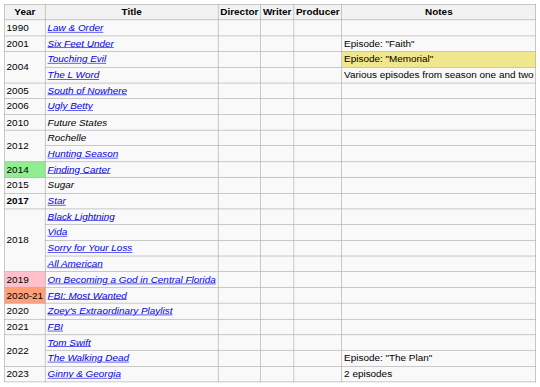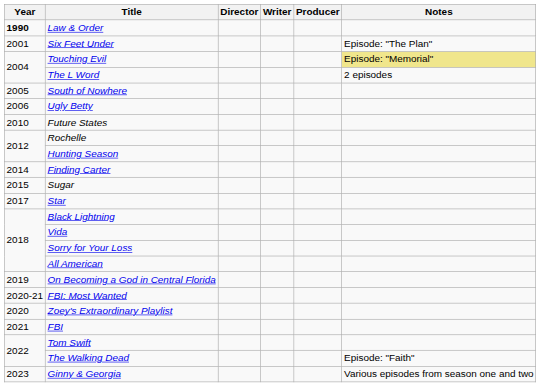 <table class="wikitable">
 <tr>
 <th>Year</th>
 <th>Title</th>
 <th>Director</th>
 <th>Writer</th>
 <th>Producer</th>
 <th>Notes</th>
 </tr>
 <tr>
-<td>1990</td>
+<td><strong>1990</strong></td>
 <td><em><a href='#'>Law & Order</a></em></td>
 <td></td>
 <td></td>
 <td></td>
 <td></td>
 </tr>
 <tr>
 <td>2001</td>
 <td><em><a href='#'>Six Feet Under</a></em></td>
 <td></td>
 <td></td>
 <td></td>
-<td>Episode: "Faith"</td>
+<td>Episode: "The Plan"</td>
 </tr>
 <tr>
 <td rowspan=2>2004</td>
 <td><em><a href='#'>Touching Evil</a></em></td>
 <td></td>
 <td></td>
 <td></td>
 <td style="background: khaki;">Episode: "Memorial"</td>
 </tr>
 <tr>
 <td><em><a href='#'>The L Word</a></em></td>
 <td></td>
 <td></td>
 <td></td>
-<td>Various episodes from season one and two</td>
+<td>2 episodes</td>
 </tr>
 <tr>
 <td>2005</td>
 <td><em><a href='#'>South of Nowhere</a></em></td>
 <td></td>
 <td></td>
 <td></td>
 <td></td>
 </tr>
 <tr>
 <td>2006</td>
 <td><em><a href='#'>Ugly Betty</a></em></td>
 <td></td>
 <td></td>
 <td></td>
 <td></td>
 </tr>
 <tr>
 <td>2010</td>
 <td><em>Future States</em></td>
 <td></td>
 <td></td>
 <td></td>
 <td></td>
 </tr>
 <tr>
 <td rowspan=2>2012</td>
 <td><em>Rochelle</em></td>
 <td></td>
 <td></td>
 <td></td>
 <td></td>
 </tr>
 <tr>
 <td><em><a href='#'>Hunting Season</a></em></td>
 <td></td>
 <td></td>
 <td></td>
 <td></td>
 </tr>
 <tr>
-<td style="background: lightgreen;">2014</td>
+<td>2014</td>
 <td><em><a href='#'>Finding Carter</a></em></td>
 <td></td>
 <td></td>
 <td></td>
 <td></td>
 </tr>
 <tr>
 <td>2015</td>
 <td><em>Sugar</em></td>
 <td></td>
 <td></td>
 <td></td>
 <td></td>
 </tr>
 <tr>
-<td><strong>2017</strong></td>
+<td>2017</td>
 <td><em><a href='#'>Star</a></em></td>
 <td></td>
 <td></td>
 <td></td>
 <td></td>
 </tr>
 <tr>
 <td rowspan="4">2018</td>
 <td><em><a href='#'>Black Lightning</a></em></td>
 <td></td>
 <td></td>
 <td></td>
 <td></td>
 </tr>
 <tr>
 <td><em><a href='#'>Vida</a></em></td>
 <td></td>
 <td></td>
 <td></td>
 <td></td>
 </tr>
 <tr>
 <td><em><a href='#'>Sorry for Your Loss</a></em></td>
 <td></td>
 <td></td>
 <td></td>
 <td></td>
 </tr>
 <tr>
 <td><em><a href='#'>All American</a></em></td>
 <td></td>
 <td></td>
 <td></td>
 <td></td>
 </tr>
 <tr>
-<td style="background: pink;">2019</td>
+<td>2019</td>
 <td><em><a href='#'>On Becoming a God in Central Florida</a></em></td>
 <td></td>
 <td></td>
 <td></td>
 <td></td>
 </tr>
 <tr>
-<td style="background: lightsalmon;">2020-21</td>
+<td>2020-21</td>
 <td><em><a href='#'>FBI: Most Wanted</a></em></td>
 <td></td>
 <td></td>
 <td></td>
 <td></td>
 </tr>
 <tr>
 <td>2020</td>
 <td><em><a href='#'>Zoey's Extraordinary Playlist</a></em></td>
 <td></td>
 <td></td>
 <td></td>
 <td></td>
 </tr>
 <tr>
 <td>2021</td>
 <td><em><a href='#'>FBI</a></em></td>
 <td></td>
 <td></td>
 <td></td>
 <td></td>
 </tr>
 <tr>
 <td rowspan="2">2022</td>
 <td><em><a href='#'>Tom Swift</a></em></td>
 <td></td>
 <td></td>
 <td></td>
 <td></td>
 </tr>
 <tr>
 <td><em><a href='#'>The Walking Dead</a></em></td>
 <td></td>
 <td></td>
 <td></td>
-<td>Episode: "The Plan"</td>
+<td>Episode: "Faith"</td>
 </tr>
 <tr>
 <td>2023</td>
 <td><em><a href='#'>Ginny & Georgia</a></em></td>
 <td></td>
 <td></td>
 <td></td>
-<td>2 episodes</td>
+<td>Various episodes from season one and two</td>
 </tr>
 </table>
